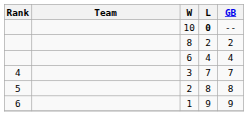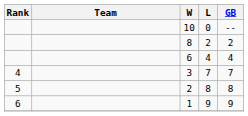 <table class="wikitable" style="text-align:center;">
 <tr>
 <th>Rank</th>
 <th width=200px>Team</th>
 <th width=20px>W</th>
 <th width=20px>L</th>
 <th width=30px><a href='#'>GB</a></th>
 </tr>
 <tr>
 <td></td>
 <td align="left"></td>
 <td>10</td>
-<td><strong>0</strong></td>
+<td>0</td>
 <td>--</td>
 </tr>
 <tr>
 <td></td>
 <td align="left"></td>
 <td>8</td>
 <td>2</td>
 <td>2</td>
 </tr>
 <tr>
 <td></td>
 <td align="left"></td>
 <td>6</td>
 <td>4</td>
 <td>4</td>
 </tr>
 <tr>
 <td>4</td>
 <td align="left"></td>
 <td>3</td>
 <td>7</td>
 <td>7</td>
 </tr>
 <tr>
 <td>5</td>
 <td align="left"></td>
 <td>2</td>
 <td>8</td>
 <td>8</td>
 </tr>
 <tr>
 <td>6</td>
 <td align="left"><strong></strong></td>
 <td>1</td>
 <td>9</td>
 <td>9</td>
 </tr>
 <tr>
 </tr>
 </table>
